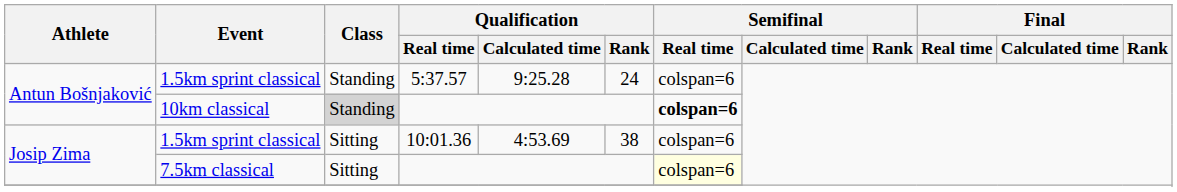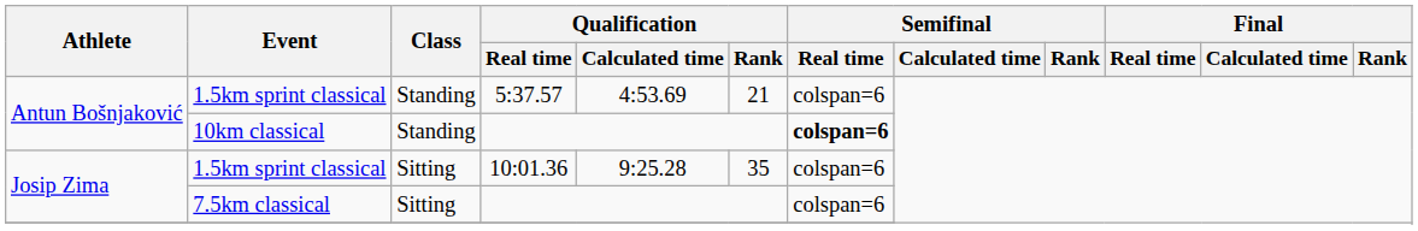 <table class=wikitable style="font-size:90%">
 <tr>
 <th rowspan=2>Athlete</th>
 <th rowspan=2>Event</th>
 <th rowspan=2>Class</th>
 <th colspan=3>Qualification</th>
 <th colspan=3>Semifinal</th>
 <th colspan=3>Final</th>
 </tr>
 <tr style="font-size:95%">
 <th>Real time</th>
 <th>Calculated time</th>
 <th>Rank</th>
 <th>Real time</th>
 <th>Calculated time</th>
 <th>Rank</th>
 <th>Real time</th>
 <th>Calculated time</th>
 <th>Rank</th>
 </tr>
 <tr>
 <td rowspan=2><a href='#'>Antun Bošnjaković</a></td>
 <td><a href='#'>1.5km sprint classical</a></td>
 <td>Standing</td>
 <td align="center">5:37.57</td>
-<td align="center">9:25.28</td>
-<td align="center">24</td>
+<td align="center">4:53.69</td>
+<td align="center">21</td>
 <td>colspan=6 </td>
 </tr>
 <tr>
 <td><a href='#'>10km classical</a></td>
-<td style="background: lightgrey;">Standing</td>
+<td>Standing</td>
 <td colspan=3 align="center"></td>
 <td><strong>colspan=6 </strong></td>
 </tr>
 <tr>
 <td rowspan=2><a href='#'>Josip Zima</a></td>
 <td><a href='#'>1.5km sprint classical</a></td>
 <td>Sitting</td>
 <td align="center">10:01.36</td>
-<td align="center">4:53.69</td>
-<td align="center">38</td>
+<td align="center">9:25.28</td>
+<td align="center">35</td>
 <td>colspan=6 </td>
 </tr>
 <tr>
 <td><a href='#'>7.5km classical</a></td>
 <td>Sitting</td>
 <td colspan=3 align="center"></td>
-<td style="background: lightyellow;">colspan=6 </td>
+<td>colspan=6 </td>
 </tr>
 <tr>
 </tr>
 </table>
